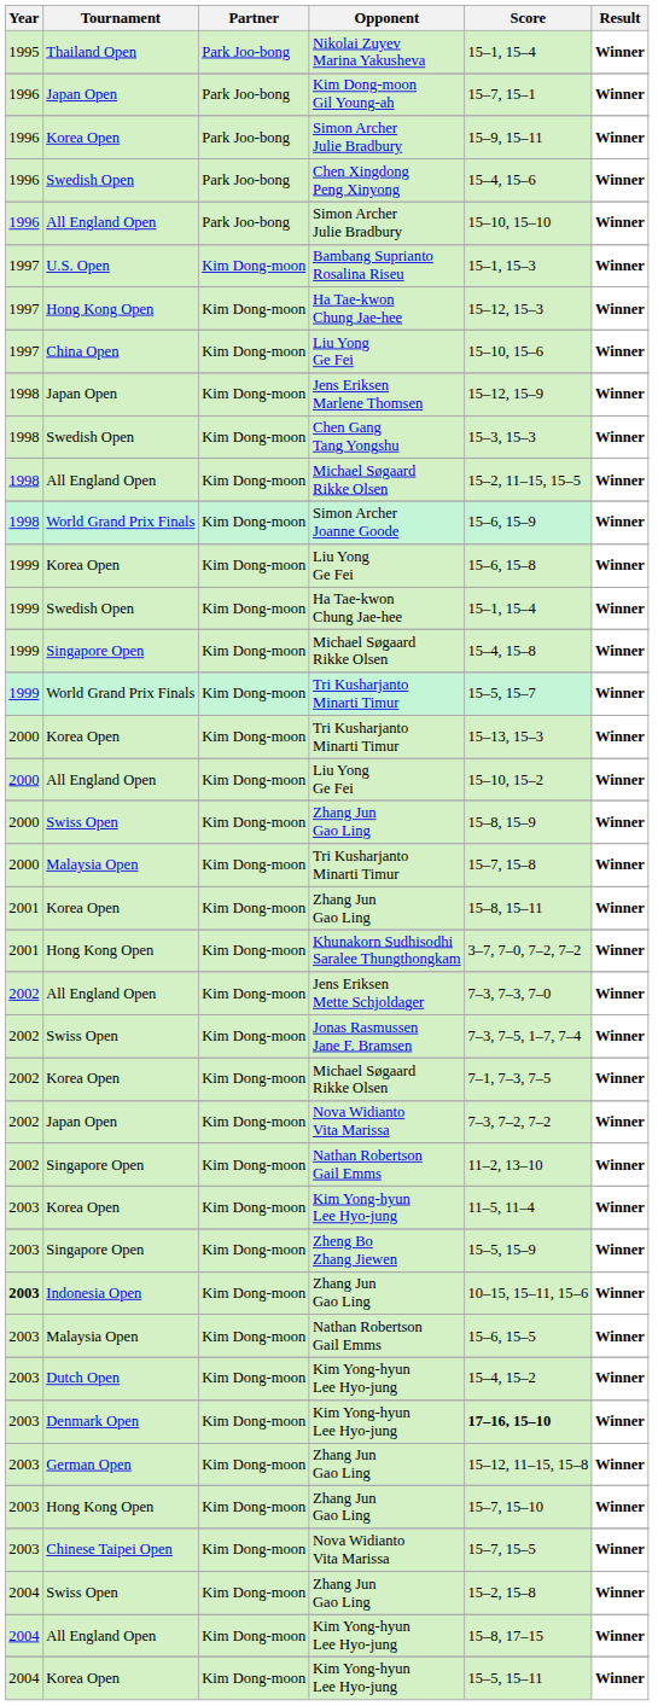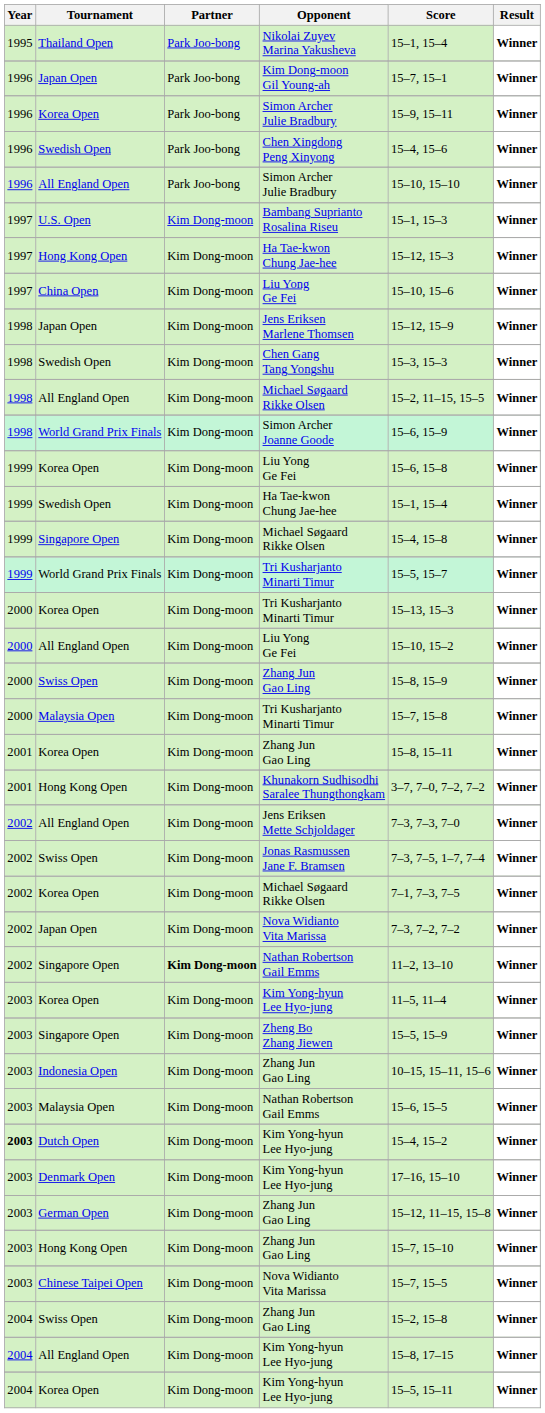 <table class="sortable wikitable" style="font-size: 90%;">
 <tr>
 <th>Year</th>
 <th>Tournament</th>
 <th>Partner</th>
 <th>Opponent</th>
 <th>Score</th>
 <th>Result</th>
 </tr>
 <tr style="background:#D4F1C5">
 <td align="center">1995</td>
 <td align="left"><a href='#'>Thailand Open</a></td>
 <td align="left"> <a href='#'>Park Joo-bong</a></td>
 <td align="left"> <a href='#'>Nikolai Zuyev</a> <br>  <a href='#'>Marina Yakusheva</a></td>
 <td align="left">15–1, 15–4</td>
 <td style="text-align:left; background:white"> <strong>Winner</strong></td>
 </tr>
 <tr>
 </tr>
 <tr style="background:#D4F1C5">
 <td align="center">1996</td>
 <td align="left"><a href='#'>Japan Open</a></td>
 <td align="left"> Park Joo-bong</td>
 <td align="left"> <a href='#'>Kim Dong-moon</a> <br>  <a href='#'>Gil Young-ah</a></td>
 <td align="left">15–7, 15–1</td>
 <td style="text-align:left; background:white"> <strong>Winner</strong></td>
 </tr>
 <tr>
 </tr>
 <tr style="background:#D4F1C5">
 <td align="center">1996</td>
 <td align="left"><a href='#'>Korea Open</a></td>
 <td align="left"> Park Joo-bong</td>
 <td align="left"> <a href='#'>Simon Archer</a> <br>  <a href='#'>Julie Bradbury</a></td>
 <td align="left">15–9, 15–11</td>
 <td style="text-align:left; background:white"> <strong>Winner</strong></td>
 </tr>
 <tr>
 </tr>
 <tr style="background:#D4F1C5">
 <td align="center">1996</td>
 <td align="left"><a href='#'>Swedish Open</a></td>
 <td align="left"> Park Joo-bong</td>
 <td align="left"> <a href='#'>Chen Xingdong</a> <br>  <a href='#'>Peng Xinyong</a></td>
 <td align="left">15–4, 15–6</td>
 <td style="text-align:left; background:white"> <strong>Winner</strong></td>
 </tr>
 <tr>
 </tr>
 <tr style="background:#D4F1C5">
 <td align="center"><a href='#'>1996</a></td>
 <td align="left"><a href='#'>All England Open</a></td>
 <td align="left"> Park Joo-bong</td>
 <td align="left"> Simon Archer <br>  Julie Bradbury</td>
 <td align="left">15–10, 15–10</td>
 <td style="text-align:left; background:white"> <strong>Winner</strong></td>
 </tr>
 <tr>
 </tr>
 <tr style="background:#D4F1C5">
 <td align="center">1997</td>
 <td align="left"><a href='#'>U.S. Open</a></td>
 <td align="left"> <a href='#'>Kim Dong-moon</a></td>
 <td align="left"> <a href='#'>Bambang Suprianto</a> <br>  <a href='#'>Rosalina Riseu</a></td>
 <td align="left">15–1, 15–3</td>
 <td style="text-align:left; background:white"> <strong>Winner</strong></td>
 </tr>
 <tr>
 </tr>
 <tr style="background:#D4F1C5">
 <td align="center">1997</td>
 <td align="left"><a href='#'>Hong Kong Open</a></td>
 <td align="left"> Kim Dong-moon</td>
 <td align="left"> <a href='#'>Ha Tae-kwon</a> <br>  <a href='#'>Chung Jae-hee</a></td>
 <td align="left">15–12, 15–3</td>
 <td style="text-align:left; background:white"> <strong>Winner</strong></td>
 </tr>
 <tr>
 </tr>
 <tr style="background:#D4F1C5">
 <td align="center">1997</td>
 <td align="left"><a href='#'>China Open</a></td>
 <td align="left"> Kim Dong-moon</td>
 <td align="left"> <a href='#'>Liu Yong</a> <br>  <a href='#'>Ge Fei</a></td>
 <td align="left">15–10, 15–6</td>
 <td style="text-align:left; background:white"> <strong>Winner</strong></td>
 </tr>
 <tr>
 </tr>
 <tr style="background:#D4F1C5">
 <td align="center">1998</td>
 <td align="left">Japan Open</td>
 <td align="left"> Kim Dong-moon</td>
 <td align="left"> <a href='#'>Jens Eriksen</a> <br>  <a href='#'>Marlene Thomsen</a></td>
 <td align="left">15–12, 15–9</td>
 <td style="text-align:left; background:white"> <strong>Winner</strong></td>
 </tr>
 <tr>
 </tr>
 <tr style="background:#D4F1C5">
 <td align="center">1998</td>
 <td align="left">Swedish Open</td>
 <td align="left"> Kim Dong-moon</td>
 <td align="left"> <a href='#'>Chen Gang</a> <br>  <a href='#'>Tang Yongshu</a></td>
 <td align="left">15–3, 15–3</td>
 <td style="text-align:left; background:white"> <strong>Winner</strong></td>
 </tr>
 <tr>
 </tr>
 <tr style="background:#D4F1C5">
 <td align="center"><a href='#'>1998</a></td>
 <td align="left">All England Open</td>
 <td align="left"> Kim Dong-moon</td>
 <td align="left"> <a href='#'>Michael Søgaard</a> <br>  <a href='#'>Rikke Olsen</a></td>
 <td align="left">15–2, 11–15, 15–5</td>
 <td style="text-align:left; background:white"> <strong>Winner</strong></td>
 </tr>
 <tr>
 </tr>
 <tr style="background:#C3F6D7">
 <td align="center"><a href='#'>1998</a></td>
 <td align="left"><a href='#'>World Grand Prix Finals</a></td>
 <td align="left"> Kim Dong-moon</td>
 <td align="left"> Simon Archer <br>  <a href='#'>Joanne Goode</a></td>
 <td align="left">15–6, 15–9</td>
 <td style="text-align:left; background:white"> <strong>Winner</strong></td>
 </tr>
 <tr>
 </tr>
 <tr style="background:#D4F1C5">
 <td align="center">1999</td>
 <td align="left">Korea Open</td>
 <td align="left"> Kim Dong-moon</td>
 <td align="left"> Liu Yong <br>  Ge Fei</td>
 <td align="left">15–6, 15–8</td>
 <td style="text-align:left; background:white"> <strong>Winner</strong></td>
 </tr>
 <tr>
 </tr>
 <tr style="background:#D4F1C5">
 <td align="center">1999</td>
 <td align="left">Swedish Open</td>
 <td align="left"> Kim Dong-moon</td>
 <td align="left"> Ha Tae-kwon <br>  Chung Jae-hee</td>
 <td align="left">15–1, 15–4</td>
 <td style="text-align:left; background:white"> <strong>Winner</strong></td>
 </tr>
 <tr>
 </tr>
 <tr style="background:#D4F1C5">
 <td align="center">1999</td>
 <td align="left"><a href='#'>Singapore Open</a></td>
 <td align="left"> Kim Dong-moon</td>
 <td align="left"> Michael Søgaard <br>  Rikke Olsen</td>
 <td align="left">15–4, 15–8</td>
 <td style="text-align:left; background:white"> <strong>Winner</strong></td>
 </tr>
 <tr>
 </tr>
 <tr style="background:#C3F6D7">
 <td align="center"><a href='#'>1999</a></td>
 <td align="left">World Grand Prix Finals</td>
 <td align="left"> Kim Dong-moon</td>
 <td align="left"> <a href='#'>Tri Kusharjanto</a> <br>  <a href='#'>Minarti Timur</a></td>
 <td align="left">15–5, 15–7</td>
 <td style="text-align:left; background:white"> <strong>Winner</strong></td>
 </tr>
 <tr>
 </tr>
 <tr style="background:#D4F1C5">
 <td align="center">2000</td>
 <td align="left">Korea Open</td>
 <td align="left"> Kim Dong-moon</td>
 <td align="left"> Tri Kusharjanto <br>  Minarti Timur</td>
 <td align="left">15–13, 15–3</td>
 <td style="text-align:left; background:white"> <strong>Winner</strong></td>
 </tr>
 <tr>
 </tr>
 <tr style="background:#D4F1C5">
 <td align="center"><a href='#'>2000</a></td>
 <td align="left">All England Open</td>
 <td align="left"> Kim Dong-moon</td>
 <td align="left"> Liu Yong <br>  Ge Fei</td>
 <td align="left">15–10, 15–2</td>
 <td style="text-align:left; background:white"> <strong>Winner</strong></td>
 </tr>
 <tr>
 </tr>
 <tr style="background:#D4F1C5">
 <td align="center">2000</td>
 <td align="left"><a href='#'>Swiss Open</a></td>
 <td align="left"> Kim Dong-moon</td>
 <td align="left"> <a href='#'>Zhang Jun</a> <br>  <a href='#'>Gao Ling</a></td>
 <td align="left">15–8, 15–9</td>
 <td style="text-align:left; background:white"> <strong>Winner</strong></td>
 </tr>
 <tr>
 </tr>
 <tr style="background:#D4F1C5">
 <td align="center">2000</td>
 <td align="left"><a href='#'>Malaysia Open</a></td>
 <td align="left"> Kim Dong-moon</td>
 <td align="left"> Tri Kusharjanto <br>  Minarti Timur</td>
 <td align="left">15–7, 15–8</td>
 <td style="text-align:left; background:white"> <strong>Winner</strong></td>
 </tr>
 <tr>
 </tr>
 <tr style="background:#D4F1C5">
 <td align="center">2001</td>
 <td align="left">Korea Open</td>
 <td align="left"> Kim Dong-moon</td>
 <td align="left"> Zhang Jun <br>  Gao Ling</td>
 <td align="left">15–8, 15–11</td>
 <td style="text-align:left; background:white"> <strong>Winner</strong></td>
 </tr>
 <tr>
 </tr>
 <tr style="background:#D4F1C5">
 <td align="center">2001</td>
 <td align="left">Hong Kong Open</td>
 <td align="left"> Kim Dong-moon</td>
 <td align="left"> <a href='#'>Khunakorn Sudhisodhi</a> <br>  <a href='#'>Saralee Thungthongkam</a></td>
 <td align="left">3–7, 7–0, 7–2, 7–2</td>
 <td style="text-align:left; background:white"> <strong>Winner</strong></td>
 </tr>
 <tr>
 </tr>
 <tr style="background:#D4F1C5">
 <td align="center"><a href='#'>2002</a></td>
 <td align="left">All England Open</td>
 <td align="left"> Kim Dong-moon</td>
 <td align="left"> Jens Eriksen <br>  <a href='#'>Mette Schjoldager</a></td>
 <td align="left">7–3, 7–3, 7–0</td>
 <td style="text-align:left; background:white"> <strong>Winner</strong></td>
 </tr>
 <tr>
 </tr>
 <tr style="background:#D4F1C5">
 <td align="center">2002</td>
 <td align="left">Swiss Open</td>
 <td align="left"> Kim Dong-moon</td>
 <td align="left"> <a href='#'>Jonas Rasmussen</a> <br>  <a href='#'>Jane F. Bramsen</a></td>
 <td align="left">7–3, 7–5, 1–7, 7–4</td>
 <td style="text-align:left; background:white"> <strong>Winner</strong></td>
 </tr>
 <tr>
 </tr>
 <tr style="background:#D4F1C5">
 <td align="center">2002</td>
 <td align="left">Korea Open</td>
 <td align="left"> Kim Dong-moon</td>
 <td align="left"> Michael Søgaard <br>  Rikke Olsen</td>
 <td align="left">7–1, 7–3, 7–5</td>
 <td style="text-align:left; background:white"> <strong>Winner</strong></td>
 </tr>
 <tr>
 </tr>
 <tr style="background:#D4F1C5">
 <td align="center">2002</td>
 <td align="left">Japan Open</td>
 <td align="left"> Kim Dong-moon</td>
 <td align="left"> <a href='#'>Nova Widianto</a> <br>  <a href='#'>Vita Marissa</a></td>
 <td align="left">7–3, 7–2, 7–2</td>
 <td style="text-align:left; background:white"> <strong>Winner</strong></td>
 </tr>
 <tr>
 </tr>
 <tr style="background:#D4F1C5">
 <td align="center">2002</td>
 <td align="left">Singapore Open</td>
-<td align="left"> Kim Dong-moon</td>
+<td align="left"><strong> Kim Dong-moon</strong></td>
 <td align="left"> <a href='#'>Nathan Robertson</a> <br>  <a href='#'>Gail Emms</a></td>
 <td align="left">11–2, 13–10</td>
 <td style="text-align:left; background:white"> <strong>Winner</strong></td>
 </tr>
 <tr>
 </tr>
 <tr style="background:#D4F1C5">
 <td align="center">2003</td>
 <td align="left">Korea Open</td>
 <td align="left"> Kim Dong-moon</td>
 <td align="left"> <a href='#'>Kim Yong-hyun</a> <br>  <a href='#'>Lee Hyo-jung</a></td>
 <td align="left">11–5, 11–4</td>
 <td style="text-align:left; background:white"> <strong>Winner</strong></td>
 </tr>
 <tr>
 </tr>
 <tr style="background:#D4F1C5">
 <td align="center">2003</td>
 <td align="left">Singapore Open</td>
 <td align="left"> Kim Dong-moon</td>
 <td align="left"> <a href='#'>Zheng Bo</a> <br>  <a href='#'>Zhang Jiewen</a></td>
 <td align="left">15–5, 15–9</td>
 <td style="text-align:left; background:white"> <strong>Winner</strong></td>
 </tr>
 <tr>
 </tr>
 <tr style="background:#D4F1C5">
-<td align="center"><strong>2003</strong></td>
+<td align="center">2003</td>
 <td align="left"><a href='#'>Indonesia Open</a></td>
 <td align="left"> Kim Dong-moon</td>
 <td align="left"> Zhang Jun <br>  Gao Ling</td>
 <td align="left">10–15, 15–11, 15–6</td>
 <td style="text-align:left; background:white"> <strong>Winner</strong></td>
 </tr>
 <tr>
 </tr>
 <tr style="background:#D4F1C5">
 <td align="center">2003</td>
 <td align="left">Malaysia Open</td>
 <td align="left"> Kim Dong-moon</td>
 <td align="left"> Nathan Robertson <br>  Gail Emms</td>
 <td align="left">15–6, 15–5</td>
 <td style="text-align:left; background:white"> <strong>Winner</strong></td>
 </tr>
 <tr>
 </tr>
 <tr style="background:#D4F1C5">
-<td align="center">2003</td>
+<td align="center"><strong>2003</strong></td>
 <td align="left"><a href='#'>Dutch Open</a></td>
 <td align="left"> Kim Dong-moon</td>
 <td align="left"> Kim Yong-hyun <br>  Lee Hyo-jung</td>
 <td align="left">15–4, 15–2</td>
 <td style="text-align:left; background:white"> <strong>Winner</strong></td>
 </tr>
 <tr>
 </tr>
 <tr style="background:#D4F1C5">
 <td align="center">2003</td>
 <td align="left"><a href='#'>Denmark Open</a></td>
 <td align="left"> Kim Dong-moon</td>
 <td align="left"> Kim Yong-hyun <br>  Lee Hyo-jung</td>
-<td align="left"><strong>17–16, 15–10</strong></td>
+<td align="left">17–16, 15–10</td>
 <td style="text-align:left; background:white"> <strong>Winner</strong></td>
 </tr>
 <tr>
 </tr>
 <tr style="background:#D4F1C5">
 <td align="center">2003</td>
 <td align="left"><a href='#'>German Open</a></td>
 <td align="left"> Kim Dong-moon</td>
 <td align="left"> Zhang Jun <br>  Gao Ling</td>
 <td align="left">15–12, 11–15, 15–8</td>
 <td style="text-align:left; background:white"> <strong>Winner</strong></td>
 </tr>
 <tr>
 </tr>
 <tr style="background:#D4F1C5">
 <td align="center">2003</td>
 <td align="left">Hong Kong Open</td>
 <td align="left"> Kim Dong-moon</td>
 <td align="left"> Zhang Jun <br>  Gao Ling</td>
 <td align="left">15–7, 15–10</td>
 <td style="text-align:left; background:white"> <strong>Winner</strong></td>
 </tr>
 <tr>
 </tr>
 <tr style="background:#D4F1C5">
 <td align="center">2003</td>
 <td align="left"><a href='#'>Chinese Taipei Open</a></td>
 <td align="left"> Kim Dong-moon</td>
 <td align="left"> Nova Widianto <br>  Vita Marissa</td>
 <td align="left">15–7, 15–5</td>
 <td style="text-align:left; background:white"> <strong>Winner</strong></td>
 </tr>
 <tr>
 </tr>
 <tr style="background:#D4F1C5">
 <td align="center">2004</td>
 <td align="left">Swiss Open</td>
 <td align="left"> Kim Dong-moon</td>
 <td align="left"> Zhang Jun <br>  Gao Ling</td>
 <td align="left">15–2, 15–8</td>
 <td style="text-align:left; background:white"> <strong>Winner</strong></td>
 </tr>
 <tr>
 </tr>
 <tr style="background:#D4F1C5">
 <td align="center"><a href='#'>2004</a></td>
 <td align="left">All England Open</td>
 <td align="left"> Kim Dong-moon</td>
 <td align="left"> Kim Yong-hyun <br>  Lee Hyo-jung</td>
 <td align="left">15–8, 17–15</td>
 <td style="text-align:left; background:white"> <strong>Winner</strong></td>
 </tr>
 <tr>
 </tr>
 <tr style="background:#D4F1C5">
 <td align="center">2004</td>
 <td align="left">Korea Open</td>
 <td align="left"> Kim Dong-moon</td>
 <td align="left"> Kim Yong-hyun <br>  Lee Hyo-jung</td>
 <td align="left">15–5, 15–11</td>
 <td style="text-align:left; background:white"> <strong>Winner</strong></td>
 </tr>
 </table>
